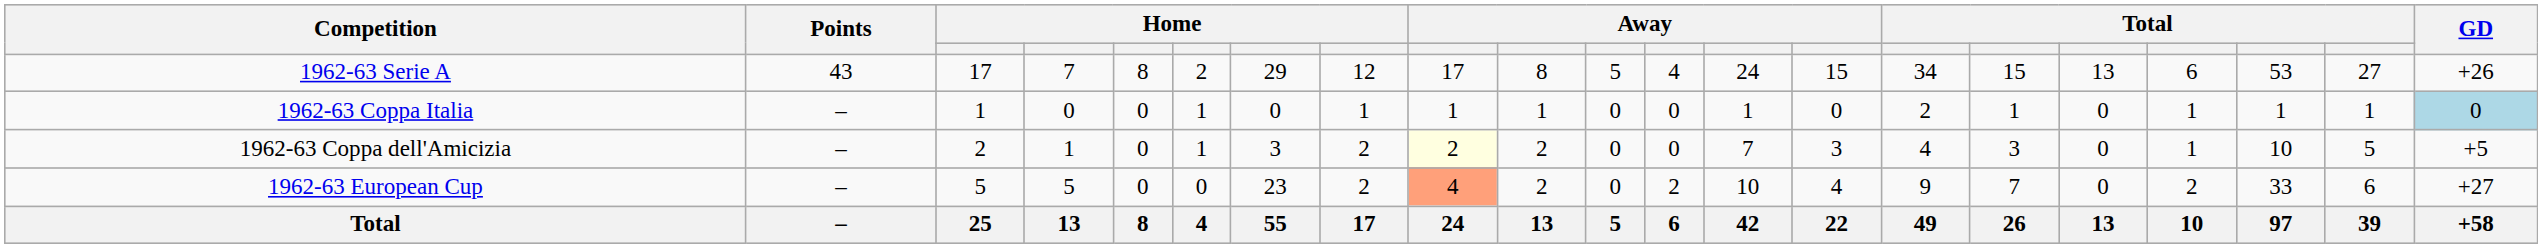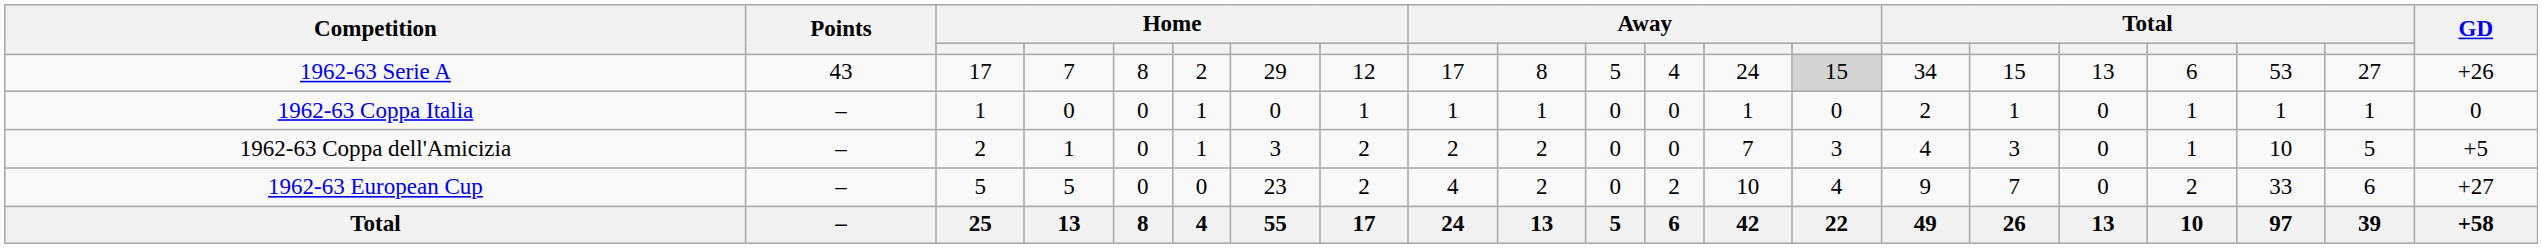 <table class="wikitable" style="font-size:90%;width:100%;margin:auto;clear:both;text-align:center;">
 <tr>
 <th rowspan="2">Competition</th>
 <th rowspan="2">Points</th>
 <th colspan="6">Home</th>
 <th colspan="6">Away</th>
 <th colspan="6">Total</th>
 <th rowspan="2"><a href='#'>GD</a></th>
 </tr>
 <tr>
 <th></th>
 <th></th>
 <th></th>
 <th></th>
 <th></th>
 <th></th>
 <th></th>
 <th></th>
 <th></th>
 <th></th>
 <th></th>
 <th></th>
 <th></th>
 <th></th>
 <th></th>
 <th></th>
 <th></th>
 <th></th>
 </tr>
 <tr>
 <td><a href='#'>1962-63 Serie A</a></td>
 <td>43</td>
 <td>17</td>
 <td>7</td>
 <td>8</td>
 <td>2</td>
 <td>29</td>
 <td>12</td>
 <td>17</td>
 <td>8</td>
 <td>5</td>
 <td>4</td>
 <td>24</td>
-<td>15</td>
+<td style="background: lightgrey;">15</td>
 <td>34</td>
 <td>15</td>
 <td>13</td>
 <td>6</td>
 <td>53</td>
 <td>27</td>
 <td>+26</td>
 </tr>
 <tr>
 <td><a href='#'>1962-63 Coppa Italia</a></td>
 <td>–</td>
 <td>1</td>
 <td>0</td>
 <td>0</td>
 <td>1</td>
 <td>0</td>
 <td>1</td>
 <td>1</td>
 <td>1</td>
 <td>0</td>
 <td>0</td>
 <td>1</td>
 <td>0</td>
 <td>2</td>
 <td>1</td>
 <td>0</td>
 <td>1</td>
 <td>1</td>
 <td>1</td>
-<td style="background: lightblue;">0</td>
+<td>0</td>
 </tr>
 <tr>
 <td>1962-63 Coppa dell'Amicizia</td>
 <td>–</td>
 <td>2</td>
 <td>1</td>
 <td>0</td>
 <td>1</td>
 <td>3</td>
 <td>2</td>
-<td style="background: lightyellow;">2</td>
+<td>2</td>
 <td>2</td>
 <td>0</td>
 <td>0</td>
 <td>7</td>
 <td>3</td>
 <td>4</td>
 <td>3</td>
 <td>0</td>
 <td>1</td>
 <td>10</td>
 <td>5</td>
 <td>+5</td>
 </tr>
 <tr>
 <td><a href='#'>1962-63 European Cup</a></td>
 <td>–</td>
 <td>5</td>
 <td>5</td>
 <td>0</td>
 <td>0</td>
 <td>23</td>
 <td>2</td>
-<td style="background: lightsalmon;">4</td>
+<td>4</td>
 <td>2</td>
 <td>0</td>
 <td>2</td>
 <td>10</td>
 <td>4</td>
 <td>9</td>
 <td>7</td>
 <td>0</td>
 <td>2</td>
 <td>33</td>
 <td>6</td>
 <td>+27</td>
 </tr>
 <tr>
 <th>Total</th>
 <th>–</th>
 <th>25</th>
 <th>13</th>
 <th>8</th>
 <th>4</th>
 <th>55</th>
 <th>17</th>
 <th>24</th>
 <th>13</th>
 <th>5</th>
 <th>6</th>
 <th>42</th>
 <th>22</th>
 <th>49</th>
 <th>26</th>
 <th>13</th>
 <th>10</th>
 <th>97</th>
 <th>39</th>
 <th>+58</th>
 </tr>
 </table>
